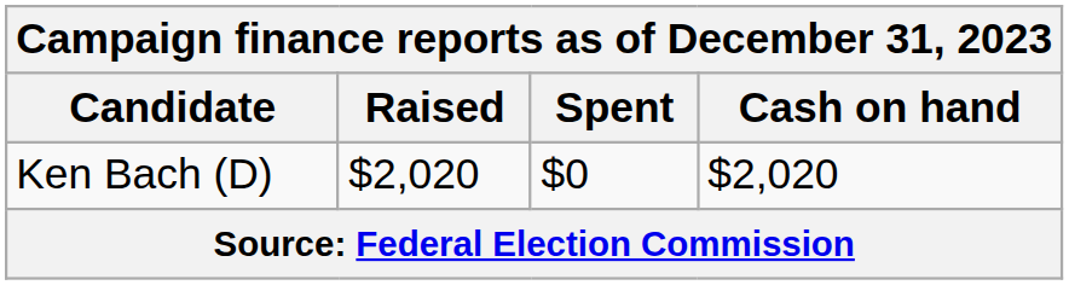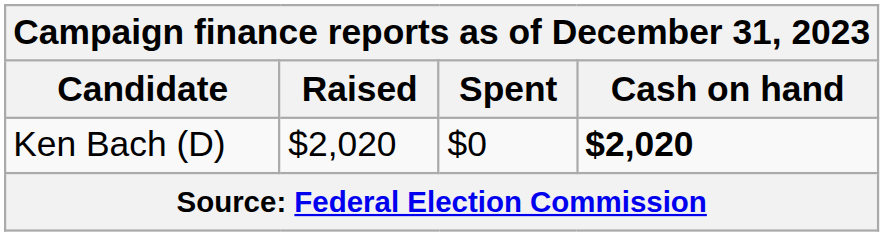 <table class="wikitable sortable">
 <tr>
 <th colspan=4>Campaign finance reports as of December 31, 2023</th>
 </tr>
 <tr style="text-align:center;">
 <th>Candidate</th>
 <th>Raised</th>
 <th>Spent</th>
 <th>Cash on hand</th>
 </tr>
 <tr>
 <td>Ken Bach (D)</td>
 <td>$2,020</td>
 <td>$0</td>
-<td>$2,020</td>
+<td><strong>$2,020</strong></td>
 </tr>
 <tr>
 <th colspan="4"><small>Source: <a href='#'>Federal Election Commission</a></small></th>
 </tr>
 </table>
